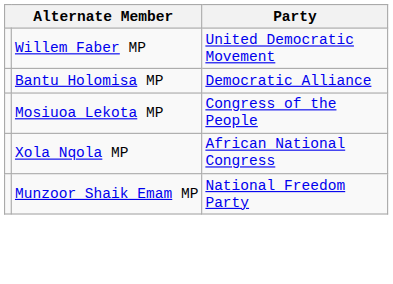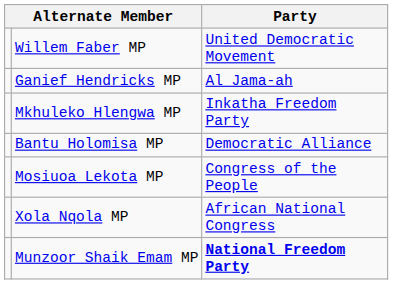 <table class="wikitable">
 <tr>
 <th width="160px" colspan="2" valign="top">Alternate Member</th>
 <th width="160px" valign="top">Party</th>
 </tr>
 <tr>
 <td></td>
 <td><a href='#'>Willem Faber</a> MP</td>
 <td><a href='#'>United Democratic Movement</a></td>
+</tr>
+<tr>
+<td></td>
+<td><a href='#'>Ganief Hendricks</a> MP</td>
+<td><a href='#'>Al Jama-ah</a></td>
+</tr>
+<tr>
+<td></td>
+<td><a href='#'>Mkhuleko Hlengwa</a> MP</td>
+<td><a href='#'>Inkatha Freedom Party</a></td>
 </tr>
 <tr>
 <td></td>
 <td><a href='#'>Bantu Holomisa</a> MP</td>
 <td><a href='#'>Democratic Alliance</a></td>
 </tr>
 <tr>
 <td></td>
 <td><a href='#'>Mosiuoa Lekota</a> MP</td>
 <td><a href='#'>Congress of the People</a></td>
 </tr>
 <tr>
 <td></td>
 <td><a href='#'>Xola Nqola</a> MP</td>
 <td><a href='#'>African National Congress</a></td>
 </tr>
 <tr>
 <td></td>
 <td><a href='#'>Munzoor Shaik Emam</a> MP</td>
-<td><a href='#'>National Freedom Party</a></td>
+<td><strong><a href='#'>National Freedom Party</a></strong></td>
 </tr>
 </table>
